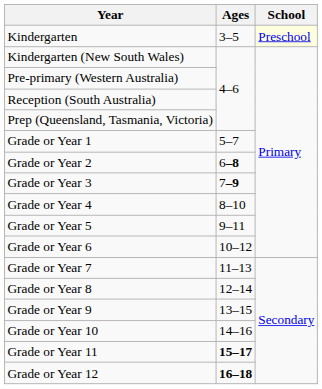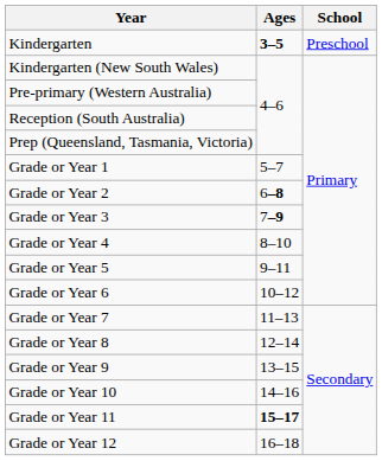 <table class="wikitable">
 <tr>
 <th>Year</th>
 <th>Ages</th>
 <th>School</th>
 </tr>
 <tr>
 <td>Kindergarten</td>
-<td>3–5</td>
-<td style="background: lightyellow;"><a href='#'>Preschool</a></td>
+<td><strong>3–5</strong></td>
+<td><a href='#'>Preschool</a></td>
 </tr>
 <tr>
 <td>Kindergarten (New South Wales)</td>
 <td rowspan=4>4–6</td>
 <td rowspan=10><a href='#'>Primary</a></td>
 </tr>
 <tr>
 <td>Pre-primary (Western Australia)</td>
 </tr>
 <tr>
 <td>Reception (South Australia)</td>
 </tr>
 <tr>
 <td>Prep (Queensland, Tasmania, Victoria)</td>
 </tr>
 <tr>
 <td>Grade or Year 1</td>
 <td>5–7</td>
 </tr>
 <tr>
 <td>Grade or Year 2</td>
 <td>6<strong>–8</strong></td>
 </tr>
 <tr>
 <td>Grade or Year 3</td>
 <td>7<strong>–9</strong></td>
 </tr>
 <tr>
 <td>Grade or Year 4</td>
 <td>8–10</td>
 </tr>
 <tr>
 <td>Grade or Year 5</td>
 <td>9–11</td>
 </tr>
 <tr>
 <td>Grade or Year 6</td>
 <td>10–12</td>
 </tr>
 <tr>
 <td>Grade or Year 7</td>
 <td>11–13</td>
 <td rowspan=6><a href='#'>Secondary</a></td>
 </tr>
 <tr>
 <td>Grade or Year 8</td>
 <td>12–14</td>
 </tr>
 <tr>
 <td>Grade or Year 9</td>
 <td>13–15</td>
 </tr>
 <tr>
 <td>Grade or Year 10</td>
 <td>14–16</td>
 </tr>
 <tr>
 <td>Grade or Year 11</td>
 <td><strong>15–17</strong></td>
 </tr>
 <tr>
 <td>Grade or Year 12</td>
-<td><strong>16–18</strong></td>
+<td>16–18</td>
 </tr>
 </table>
